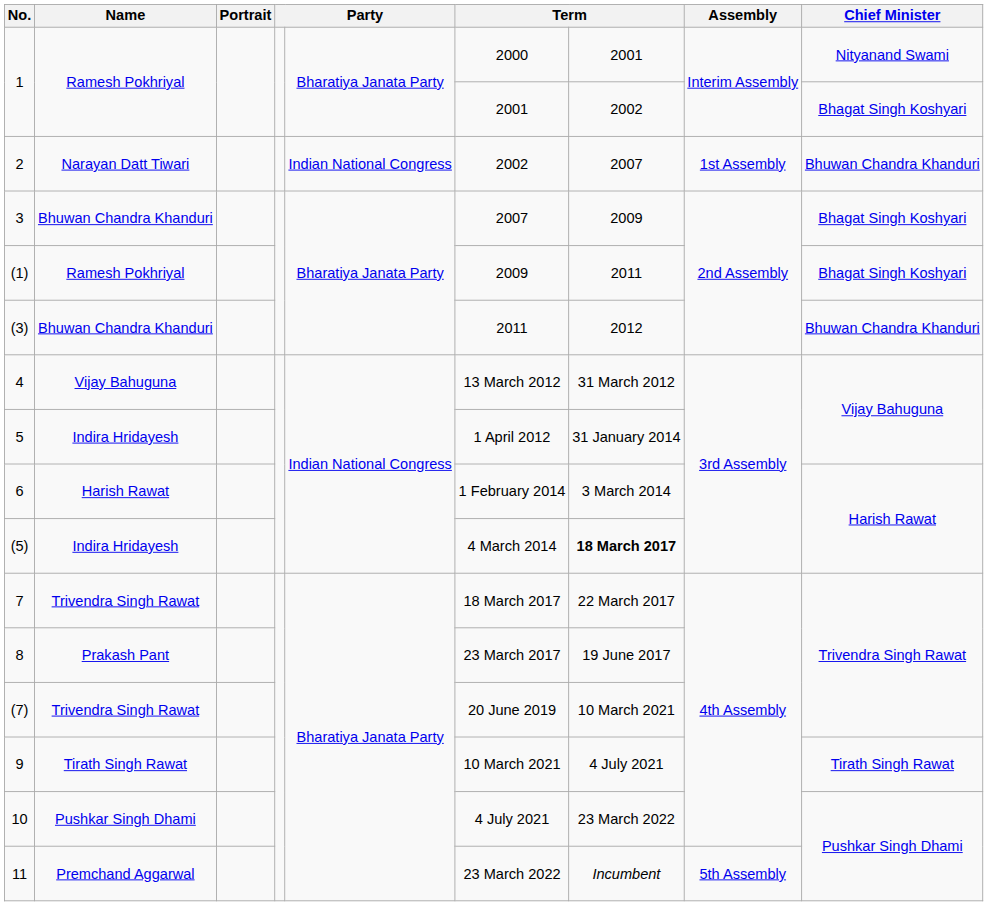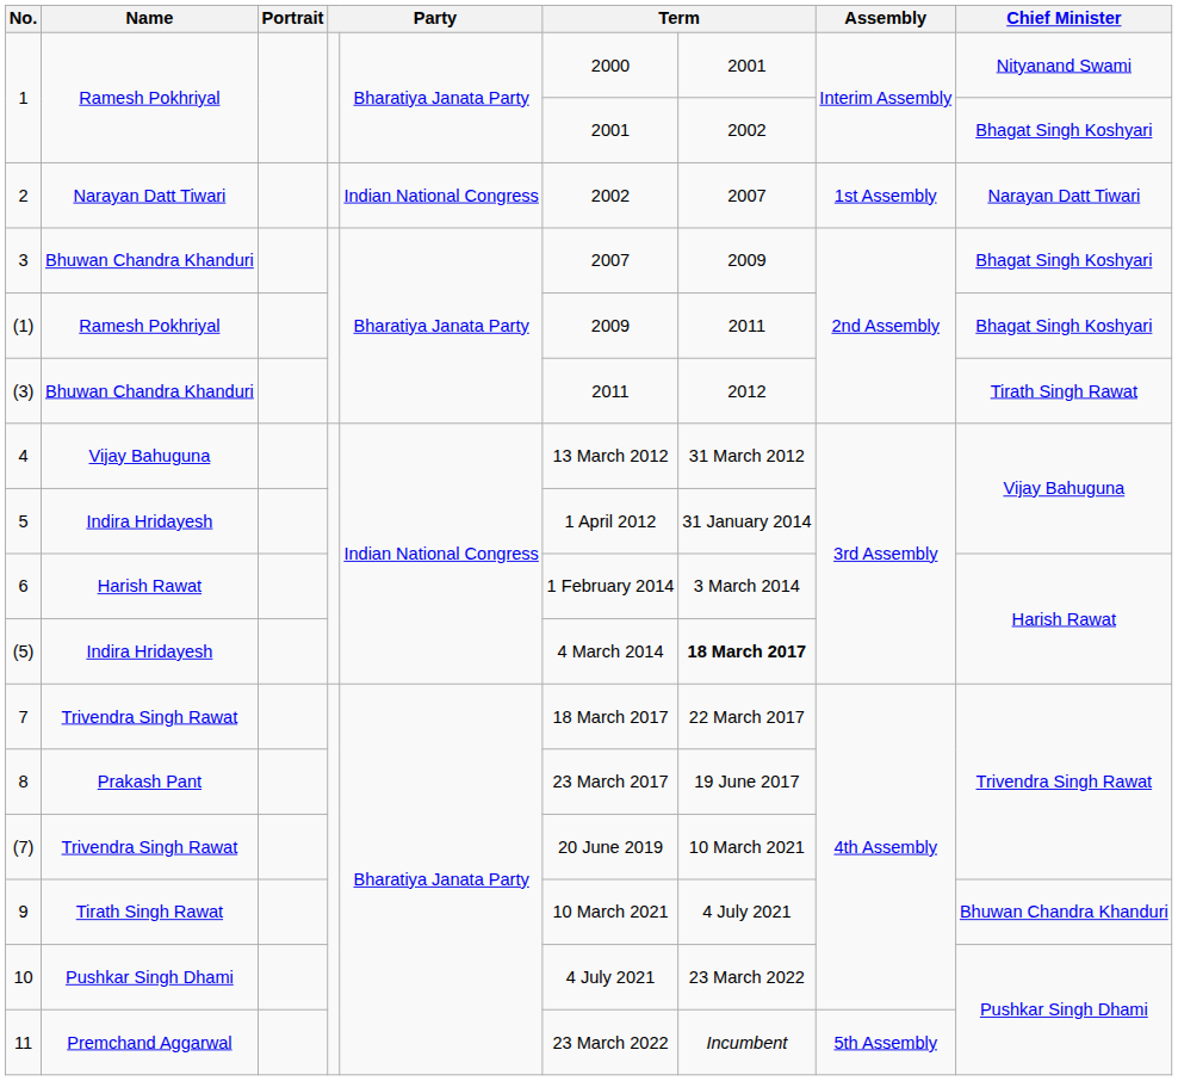 <table class="wikitable sortable">
 <tr>
 <th>No.</th>
 <th>Name<br></th>
 <th>Portrait</th>
 <th colspan=2>Party</th>
 <th colspan=2>Term</th>
 <th>Assembly<br></th>
 <th><a href='#'>Chief Minister</a></th>
 </tr>
 <tr style="text-align:center; height:60px;">
 <td rowspan="2">1</td>
 <td rowspan="2"><a href='#'>Ramesh Pokhriyal</a><br></td>
 <td rowspan="2"></td>
 <td rowspan="2" width="4px" style="background-color: "></td>
 <td rowspan="2"><a href='#'>Bharatiya Janata Party</a></td>
 <td>2000</td>
 <td>2001</td>
 <td rowspan="2"><a href='#'>Interim Assembly</a></td>
 <td><a href='#'>Nityanand Swami</a></td>
 </tr>
 <tr style="text-align:center; height:60px;">
 <td>2001</td>
 <td>2002</td>
 <td><a href='#'>Bhagat Singh Koshyari</a></td>
 </tr>
 <tr style="text-align:center; height:60px;">
 <td>2</td>
 <td><a href='#'>Narayan Datt Tiwari</a><br></td>
 <td></td>
 <td width="4px" style="background-color: "></td>
 <td><a href='#'>Indian National Congress</a></td>
 <td>2002</td>
 <td>2007</td>
 <td><a href='#'>1st Assembly</a><br></td>
-<td><a href='#'>Bhuwan Chandra Khanduri</a></td>
+<td><a href='#'>Narayan Datt Tiwari</a></td>
 </tr>
 <tr style="text-align:center; height:60px;">
 <td>3</td>
 <td><a href='#'>Bhuwan Chandra Khanduri</a><br></td>
 <td></td>
 <td rowspan="3" width="4px" style="background-color: "></td>
 <td rowspan="3"><a href='#'>Bharatiya Janata Party</a></td>
 <td>2007</td>
 <td>2009</td>
 <td rowspan="3"><a href='#'>2nd Assembly</a><br></td>
 <td><a href='#'>Bhagat Singh Koshyari</a></td>
 </tr>
 <tr style="text-align:center; height:60px;">
 <td>(1)</td>
 <td><a href='#'>Ramesh Pokhriyal</a><br></td>
 <td></td>
 <td>2009</td>
 <td>2011</td>
 <td><a href='#'>Bhagat Singh Koshyari</a></td>
 </tr>
 <tr style="text-align:center; height:60px;">
 <td>(3)</td>
 <td><a href='#'>Bhuwan Chandra Khanduri</a><br></td>
 <td></td>
 <td>2011</td>
 <td>2012</td>
-<td><a href='#'>Bhuwan Chandra Khanduri</a></td>
+<td><a href='#'>Tirath Singh Rawat</a></td>
 </tr>
 <tr style="text-align:center; height:60px;">
 <td>4</td>
 <td><a href='#'>Vijay Bahuguna</a><br></td>
 <td></td>
 <td rowspan="4" width="4px" style="background-color: "></td>
 <td rowspan="4"><a href='#'>Indian National Congress</a></td>
 <td>13 March 2012</td>
 <td>31 March 2012</td>
 <td rowspan="4"><a href='#'>3rd Assembly</a><br></td>
 <td rowspan="2"><a href='#'>Vijay Bahuguna</a></td>
 </tr>
 <tr style="text-align:center; height:60px;">
 <td>5</td>
 <td><a href='#'>Indira Hridayesh</a><br></td>
 <td></td>
 <td>1 April 2012</td>
 <td>31 January 2014</td>
 </tr>
 <tr style="text-align:center; height:60px;">
 <td>6</td>
 <td><a href='#'>Harish Rawat</a><br></td>
 <td></td>
 <td>1 February 2014</td>
 <td>3 March 2014</td>
 <td rowspan="2"><a href='#'>Harish Rawat</a></td>
 </tr>
 <tr style="text-align:center; height:60px;">
 <td>(5)</td>
 <td><a href='#'>Indira Hridayesh</a><br></td>
 <td></td>
 <td>4 March 2014</td>
 <td><strong>18 March 2017</strong></td>
 </tr>
 <tr style="text-align:center; height:60px;">
 <td>7</td>
 <td><a href='#'>Trivendra Singh Rawat</a><br></td>
 <td></td>
 <td rowspan="6" width="4px" style="background-color: "></td>
 <td rowspan="6"><a href='#'>Bharatiya Janata Party</a></td>
 <td>18 March 2017</td>
 <td>22 March 2017</td>
 <td rowspan="5"><a href='#'>4th Assembly</a><br></td>
 <td rowspan="3"><a href='#'>Trivendra Singh Rawat</a></td>
 </tr>
 <tr style="text-align:center; height:60px;">
 <td>8</td>
 <td><a href='#'>Prakash Pant</a><br></td>
 <td></td>
 <td>23 March 2017</td>
 <td>19 June 2017</td>
 </tr>
 <tr style="text-align:center; height:60px;">
 <td>(7)</td>
 <td><a href='#'>Trivendra Singh Rawat</a><br></td>
 <td></td>
 <td>20 June 2019</td>
 <td>10 March 2021</td>
 </tr>
 <tr style="text-align:center; height:60px;">
 <td>9</td>
 <td><a href='#'>Tirath Singh Rawat</a><br></td>
 <td></td>
 <td>10 March 2021</td>
 <td>4 July 2021</td>
-<td><a href='#'>Tirath Singh Rawat</a></td>
+<td><a href='#'>Bhuwan Chandra Khanduri</a></td>
 </tr>
 <tr style="text-align:center; height:60px;">
 <td>10</td>
 <td><a href='#'>Pushkar Singh Dhami</a><br></td>
 <td></td>
 <td>4 July 2021</td>
 <td>23 March 2022</td>
 <td rowspan="2"><a href='#'>Pushkar Singh Dhami</a></td>
 </tr>
 <tr style="text-align:center; height:60px;">
 <td>11</td>
 <td><a href='#'>Premchand Aggarwal</a><br></td>
 <td></td>
 <td>23 March 2022</td>
 <td><em>Incumbent</em></td>
 <td><a href='#'>5th Assembly</a><br></td>
 </tr>
 </table>
